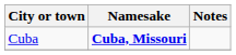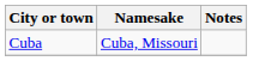 <table class="wikitable">
 <tr>
 <th>City or town</th>
 <th>Namesake</th>
 <th>Notes</th>
 </tr>
 <tr>
 <td><a href='#'>Cuba</a></td>
-<td><strong><a href='#'>Cuba, Missouri</a></strong></td>
+<td><a href='#'>Cuba, Missouri</a></td>
 <td></td>
 </tr>
 <tr>
 </tr>
 </table>
